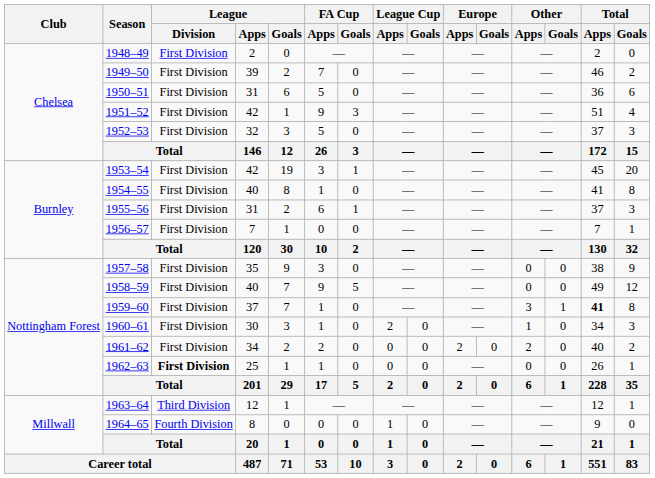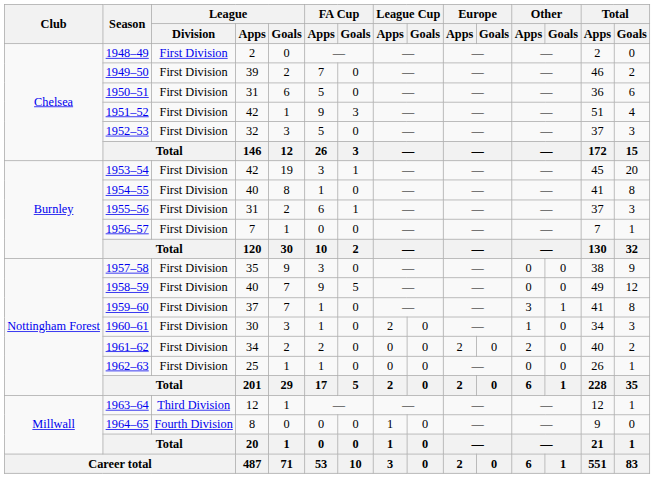 <table class="wikitable" style="text-align: center;">
 <tr>
 <th rowspan="2">Club</th>
 <th rowspan="2">Season</th>
 <th colspan="3">League</th>
 <th colspan="2">FA Cup</th>
 <th colspan="2">League Cup</th>
 <th colspan="2">Europe</th>
 <th colspan="2">Other</th>
 <th colspan="2">Total</th>
 </tr>
 <tr>
 <th>Division</th>
 <th>Apps</th>
 <th>Goals</th>
 <th>Apps</th>
 <th>Goals</th>
 <th>Apps</th>
 <th>Goals</th>
 <th>Apps</th>
 <th>Goals</th>
 <th>Apps</th>
 <th>Goals</th>
 <th>Apps</th>
 <th>Goals</th>
 </tr>
 <tr>
 <td rowspan="6"><a href='#'>Chelsea</a></td>
 <td><a href='#'>1948–49</a></td>
 <td><a href='#'>First Division</a></td>
 <td>2</td>
 <td>0</td>
 <td colspan="2">—</td>
 <td colspan="2">—</td>
 <td colspan="2">—</td>
 <td colspan="2">—</td>
 <td>2</td>
 <td>0</td>
 </tr>
 <tr>
 <td><a href='#'>1949–50</a></td>
 <td>First Division</td>
 <td>39</td>
 <td>2</td>
 <td>7</td>
 <td>0</td>
 <td colspan="2">—</td>
 <td colspan="2">—</td>
 <td colspan="2">—</td>
 <td>46</td>
 <td>2</td>
 </tr>
 <tr>
 <td><a href='#'>1950–51</a></td>
 <td>First Division</td>
 <td>31</td>
 <td>6</td>
 <td>5</td>
 <td>0</td>
 <td colspan="2">—</td>
 <td colspan="2">—</td>
 <td colspan="2">—</td>
 <td>36</td>
 <td>6</td>
 </tr>
 <tr>
 <td><a href='#'>1951–52</a></td>
 <td>First Division</td>
 <td>42</td>
 <td>1</td>
 <td>9</td>
 <td>3</td>
 <td colspan="2">—</td>
 <td colspan="2">—</td>
 <td colspan="2">—</td>
 <td>51</td>
 <td>4</td>
 </tr>
 <tr>
 <td><a href='#'>1952–53</a></td>
 <td>First Division</td>
 <td>32</td>
 <td>3</td>
 <td>5</td>
 <td>0</td>
 <td colspan="2">—</td>
 <td colspan="2">—</td>
 <td colspan="2">—</td>
 <td>37</td>
 <td>3</td>
 </tr>
 <tr>
 <th colspan="2">Total</th>
 <th>146</th>
 <th>12</th>
 <th>26</th>
 <th>3</th>
 <th colspan="2">—</th>
 <th colspan="2">—</th>
 <th colspan="2">—</th>
 <th>172</th>
 <th>15</th>
 </tr>
 <tr>
 <td rowspan="5"><a href='#'>Burnley</a></td>
 <td><a href='#'>1953–54</a></td>
 <td>First Division</td>
 <td>42</td>
 <td>19</td>
 <td>3</td>
 <td>1</td>
 <td colspan="2">—</td>
 <td colspan="2">—</td>
 <td colspan="2">—</td>
 <td>45</td>
 <td>20</td>
 </tr>
 <tr>
 <td><a href='#'>1954–55</a></td>
 <td>First Division</td>
 <td>40</td>
 <td>8</td>
 <td>1</td>
 <td>0</td>
 <td colspan="2">—</td>
 <td colspan="2">—</td>
 <td colspan="2">—</td>
 <td>41</td>
 <td>8</td>
 </tr>
 <tr>
 <td><a href='#'>1955–56</a></td>
 <td>First Division</td>
 <td>31</td>
 <td>2</td>
 <td>6</td>
 <td>1</td>
 <td colspan="2">—</td>
 <td colspan="2">—</td>
 <td colspan="2">—</td>
 <td>37</td>
 <td>3</td>
 </tr>
 <tr>
 <td><a href='#'>1956–57</a></td>
 <td>First Division</td>
 <td>7</td>
 <td>1</td>
 <td>0</td>
 <td>0</td>
 <td colspan="2">—</td>
 <td colspan="2">—</td>
 <td colspan="2">—</td>
 <td>7</td>
 <td>1</td>
 </tr>
 <tr>
 <th colspan="2">Total</th>
 <th>120</th>
 <th>30</th>
 <th>10</th>
 <th>2</th>
 <th colspan="2">—</th>
 <th colspan="2">—</th>
 <th colspan="2">—</th>
 <th>130</th>
 <th>32</th>
 </tr>
 <tr>
 <td rowspan="7"><a href='#'>Nottingham Forest</a></td>
 <td><a href='#'>1957–58</a></td>
 <td>First Division</td>
 <td>35</td>
 <td>9</td>
 <td>3</td>
 <td>0</td>
 <td colspan="2">—</td>
 <td colspan="2">—</td>
 <td>0</td>
 <td>0</td>
 <td>38</td>
 <td>9</td>
 </tr>
 <tr>
 <td><a href='#'>1958–59</a></td>
 <td>First Division</td>
 <td>40</td>
 <td>7</td>
 <td>9</td>
 <td>5</td>
 <td colspan="2">—</td>
 <td colspan="2">—</td>
 <td>0</td>
 <td>0</td>
 <td>49</td>
 <td>12</td>
 </tr>
 <tr>
 <td><a href='#'>1959–60</a></td>
 <td>First Division</td>
 <td>37</td>
 <td>7</td>
 <td>1</td>
 <td>0</td>
 <td colspan="2">—</td>
 <td colspan="2">—</td>
 <td>3</td>
 <td>1</td>
-<td><strong>41</strong></td>
+<td>41</td>
 <td>8</td>
 </tr>
 <tr>
 <td><a href='#'>1960–61</a></td>
 <td>First Division</td>
 <td>30</td>
 <td>3</td>
 <td>1</td>
 <td>0</td>
 <td>2</td>
 <td>0</td>
 <td colspan="2">—</td>
 <td>1</td>
 <td>0</td>
 <td>34</td>
 <td>3</td>
 </tr>
 <tr>
 <td><a href='#'>1961–62</a></td>
 <td>First Division</td>
 <td>34</td>
 <td>2</td>
 <td>2</td>
 <td>0</td>
 <td>0</td>
 <td>0</td>
 <td>2</td>
 <td>0</td>
 <td>2</td>
 <td>0</td>
 <td>40</td>
 <td>2</td>
 </tr>
 <tr>
 <td><a href='#'>1962–63</a></td>
-<td><strong>First Division</strong></td>
+<td>First Division</td>
 <td>25</td>
 <td>1</td>
 <td>1</td>
 <td>0</td>
 <td>0</td>
 <td>0</td>
 <td colspan="2">—</td>
 <td>0</td>
 <td>0</td>
 <td>26</td>
 <td>1</td>
 </tr>
 <tr>
 <th colspan="2">Total</th>
 <th>201</th>
 <th>29</th>
 <th>17</th>
 <th>5</th>
 <th>2</th>
 <th>0</th>
 <th>2</th>
 <th>0</th>
 <th>6</th>
 <th>1</th>
 <th>228</th>
 <th>35</th>
 </tr>
 <tr>
 <td rowspan="3"><a href='#'>Millwall</a></td>
 <td><a href='#'>1963–64</a></td>
 <td><a href='#'>Third Division</a></td>
 <td>12</td>
 <td>1</td>
 <td colspan="2">—</td>
 <td colspan="2">—</td>
 <td colspan="2">—</td>
 <td colspan="2">—</td>
 <td>12</td>
 <td>1</td>
 </tr>
 <tr>
 <td><a href='#'>1964–65</a></td>
 <td><a href='#'>Fourth Division</a></td>
 <td>8</td>
 <td>0</td>
 <td>0</td>
 <td>0</td>
 <td>1</td>
 <td>0</td>
 <td colspan="2">—</td>
 <td colspan="2">—</td>
 <td>9</td>
 <td>0</td>
 </tr>
 <tr>
 <th colspan="2">Total</th>
 <th>20</th>
 <th>1</th>
 <th>0</th>
 <th>0</th>
 <th>1</th>
 <th>0</th>
 <th colspan="2">—</th>
 <th colspan="2">—</th>
 <th>21</th>
 <th>1</th>
 </tr>
 <tr>
 <th colspan="3">Career total</th>
 <th>487</th>
 <th>71</th>
 <th>53</th>
 <th>10</th>
 <th>3</th>
 <th>0</th>
 <th>2</th>
 <th>0</th>
 <th>6</th>
 <th>1</th>
 <th>551</th>
 <th>83</th>
 </tr>
 </table>
